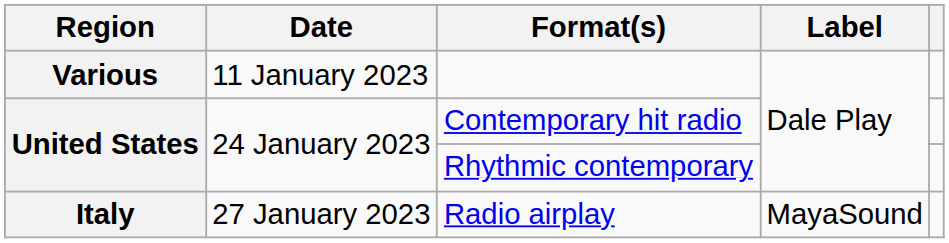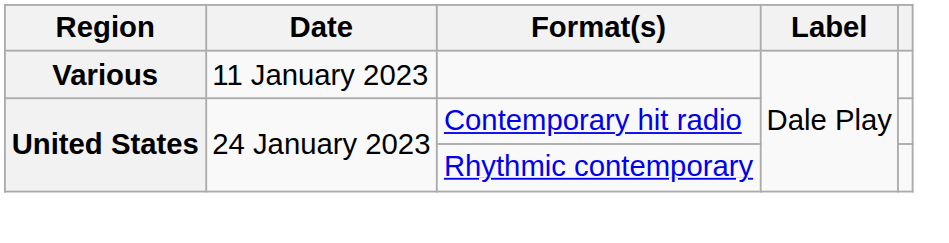 <table class="wikitable plainrowheaders">
 <tr>
 <th scope="col">Region</th>
 <th scope="col">Date</th>
 <th scope="col">Format(s)</th>
 <th scope="col">Label</th>
 <th scope="col"></th>
 </tr>
 <tr>
 <th scope="row">Various</th>
 <td>11 January 2023</td>
 <td></td>
 <td rowspan="3">Dale Play</td>
 <td style="text-align:center;"></td>
 </tr>
 <tr>
 <th rowspan="2" scope="row">United States</th>
 <td rowspan="2">24 January 2023</td>
 <td><a href='#'>Contemporary hit radio</a></td>
 <td align="center"></td>
 </tr>
 <tr>
 <td><a href='#'>Rhythmic contemporary</a></td>
 <td style="text-align:center;"></td>
 </tr>
-<tr>
-<th scope="row">Italy</th>
-<td>27 January 2023</td>
-<td><a href='#'>Radio airplay</a></td>
-<td>MayaSound</td>
-<td style="text-align:center;"></td>
-</tr>
 </table>
